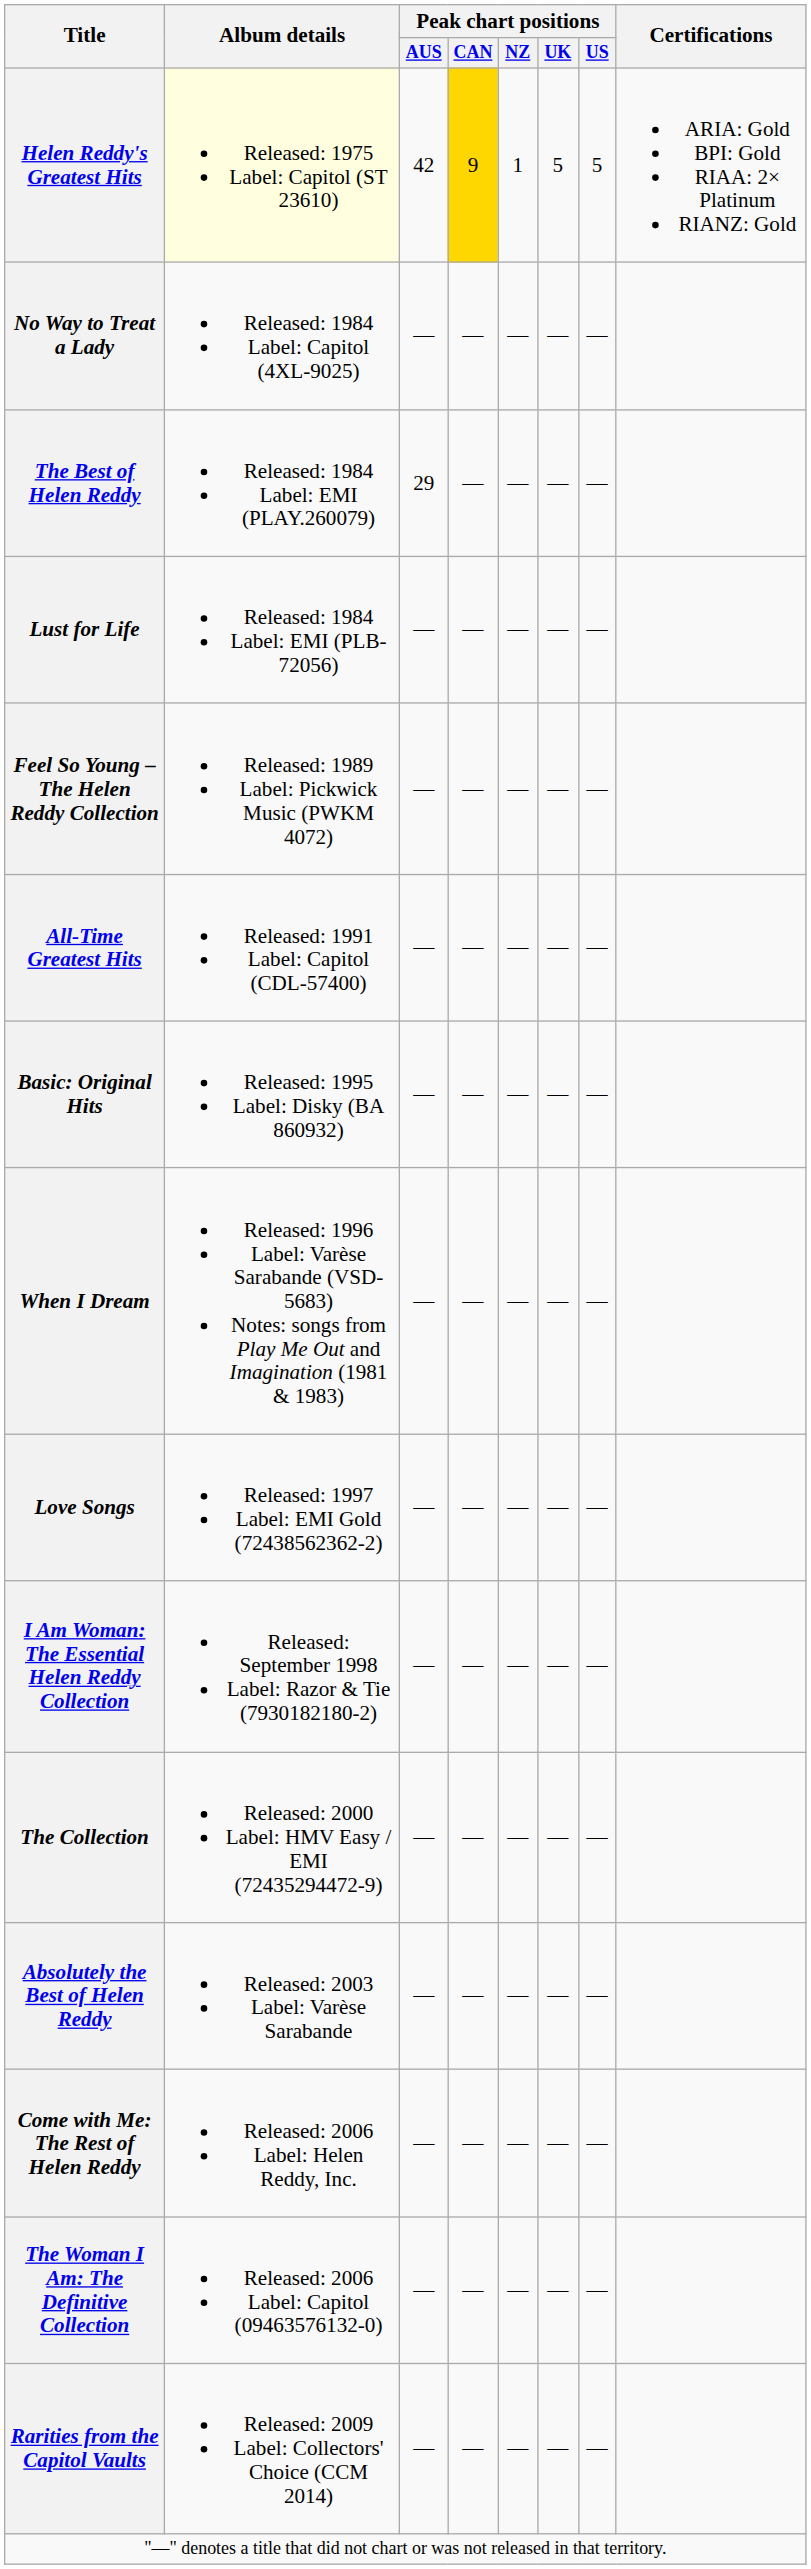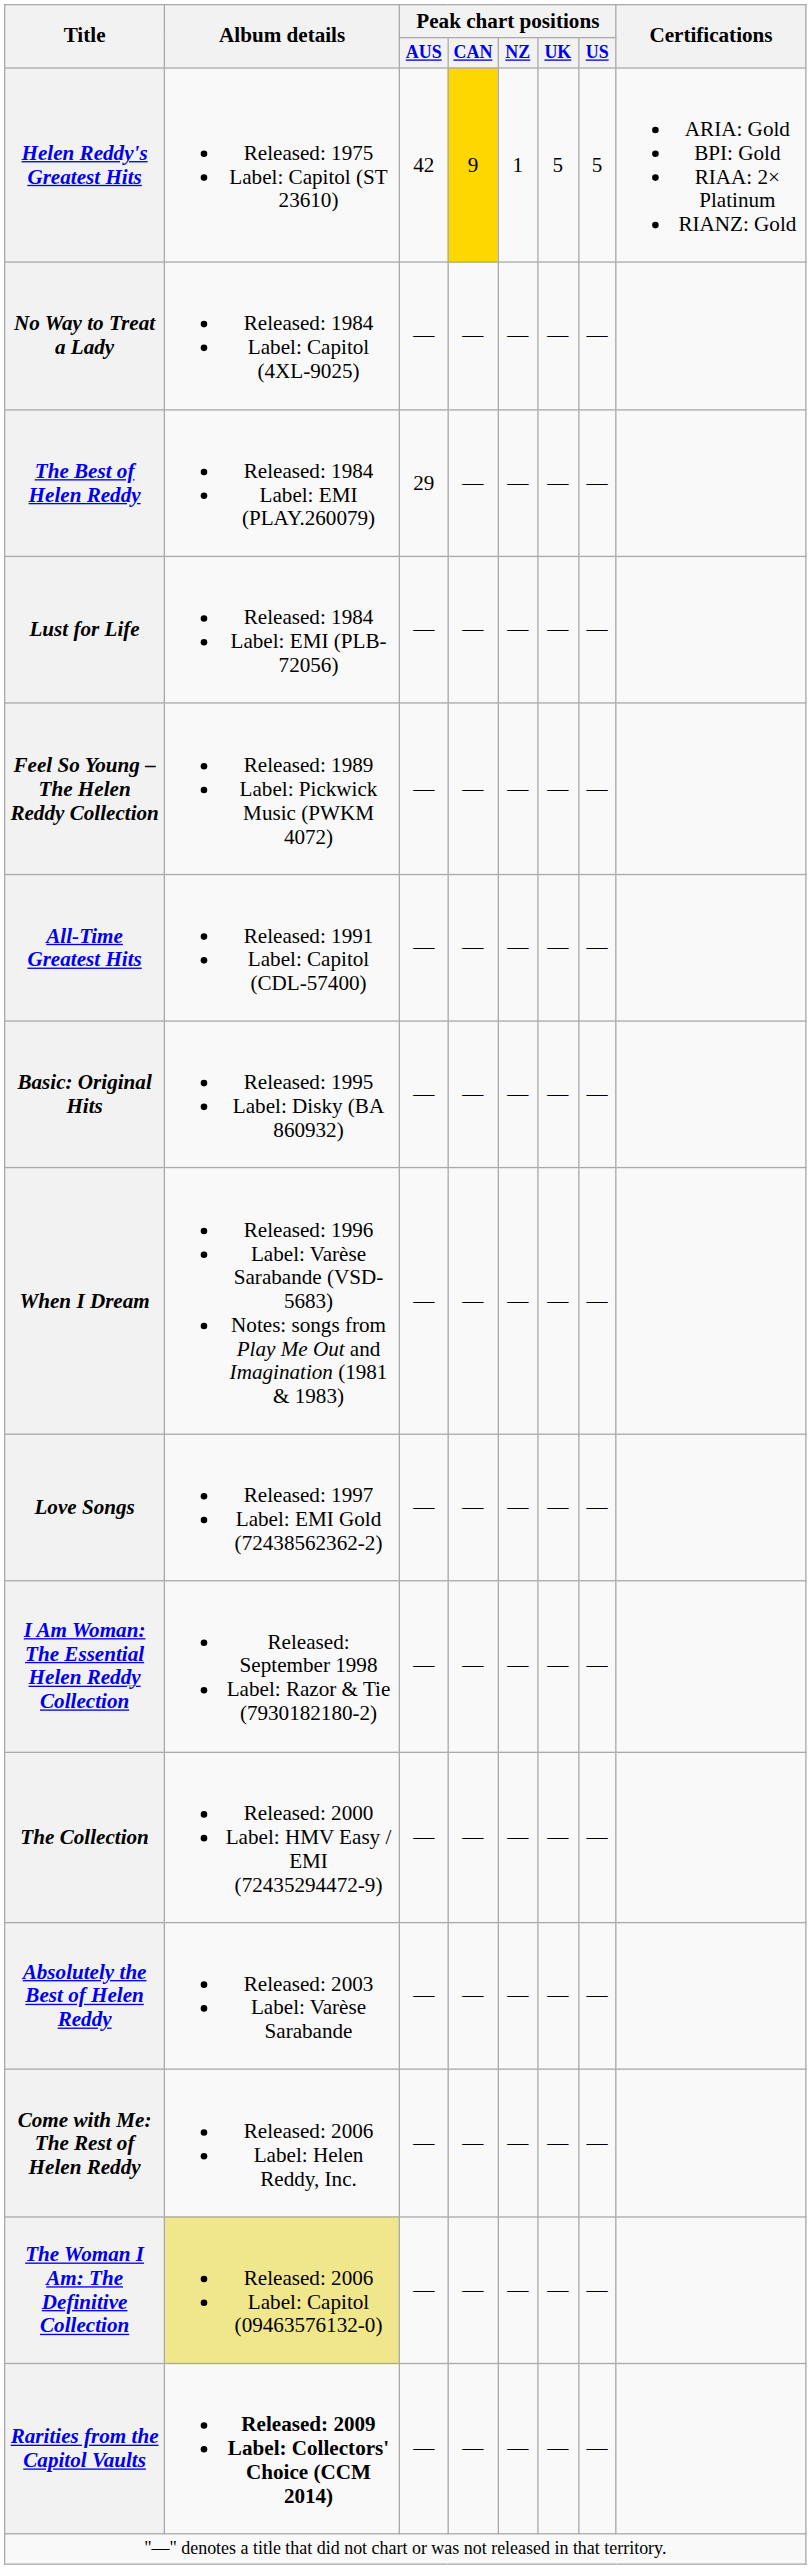 <table class="wikitable plainrowheaders" style="text-align:center;">
 <tr>
 <th style="width:18em;" rowspan="2">Title</th>
 <th style="width:18em;" rowspan="2">Album details</th>
 <th colspan="5">Peak chart positions</th>
 <th style="width:18em;" rowspan="2">Certifications</th>
 </tr>
 <tr>
 <th style="width:3em;font-size:85%"><a href='#'>AUS</a><br></th>
 <th style="width:3em;font-size:85%"><a href='#'>CAN</a><br></th>
 <th style="width:3em;font-size:85%"><a href='#'>NZ</a><br></th>
 <th style="width:3em;font-size:85%"><a href='#'>UK</a><br></th>
 <th style="width:3em;font-size:85%"><a href='#'>US</a><br></th>
 </tr>
 <tr>
 <th scope="row"><em><a href='#'>Helen Reddy's Greatest Hits</a></em></th>
-<td style="background: lightyellow;"><br><ul><li>Released: 1975</li><li>Label: Capitol (ST 23610)</li></ul></td>
+<td><br><ul><li>Released: 1975</li><li>Label: Capitol (ST 23610)</li></ul></td>
 <td style="text-align:center;">42</td>
 <td style="background: gold; text-align:center;">9</td>
 <td style="text-align:center;">1</td>
 <td style="text-align:center;">5</td>
 <td style="text-align:center;">5</td>
 <td><br><ul><li>ARIA: Gold</li><li>BPI: Gold</li><li>RIAA: 2× Platinum</li><li>RIANZ: Gold</li></ul></td>
 </tr>
 <tr>
 <th scope="row"><em>No Way to Treat a Lady</em></th>
 <td><br><ul><li>Released: 1984</li><li>Label: Capitol (4XL-9025)</li></ul></td>
 <td style="text-align:center;">—</td>
 <td style="text-align:center;">—</td>
 <td style="text-align:center;">—</td>
 <td style="text-align:center;">—</td>
 <td style="text-align:center;">—</td>
 <td></td>
 </tr>
 <tr>
 <th scope="row"><em><a href='#'>The Best of Helen Reddy</a></em></th>
 <td><br><ul><li>Released: 1984</li><li>Label: EMI (PLAY.260079)</li></ul></td>
 <td style="text-align:center;">29</td>
 <td style="text-align:center;">—</td>
 <td style="text-align:center;">—</td>
 <td style="text-align:center;">—</td>
 <td style="text-align:center;">—</td>
 <td></td>
 </tr>
 <tr>
 <th scope="row"><em>Lust for Life</em></th>
 <td><br><ul><li>Released: 1984</li><li>Label: EMI (PLB-72056)</li></ul></td>
 <td style="text-align:center;">—</td>
 <td style="text-align:center;">—</td>
 <td style="text-align:center;">—</td>
 <td style="text-align:center;">—</td>
 <td style="text-align:center;">—</td>
 <td></td>
 </tr>
 <tr>
 <th scope="row"><em>Feel So Young – The Helen Reddy Collection</em></th>
 <td><br><ul><li>Released: 1989</li><li>Label: Pickwick Music	(PWKM 4072)</li></ul></td>
 <td style="text-align:center;">—</td>
 <td style="text-align:center;">—</td>
 <td style="text-align:center;">—</td>
 <td style="text-align:center;">—</td>
 <td style="text-align:center;">—</td>
 <td></td>
 </tr>
 <tr>
 <th scope="row"><em><a href='#'>All-Time Greatest Hits</a></em></th>
 <td><br><ul><li>Released: 1991</li><li>Label: Capitol (CDL-57400)</li></ul></td>
 <td style="text-align:center;">—</td>
 <td style="text-align:center;">—</td>
 <td style="text-align:center;">—</td>
 <td style="text-align:center;">—</td>
 <td style="text-align:center;">—</td>
 <td></td>
 </tr>
 <tr>
 <th scope="row"><em>Basic: Original Hits</em></th>
 <td><br><ul><li>Released: 1995</li><li>Label: Disky (BA 860932)</li></ul></td>
 <td style="text-align:center;">—</td>
 <td style="text-align:center;">—</td>
 <td style="text-align:center;">—</td>
 <td style="text-align:center;">—</td>
 <td style="text-align:center;">—</td>
 <td></td>
 </tr>
 <tr>
 <th scope="row"><em>When I Dream</em></th>
 <td><br><ul><li>Released: 1996</li><li>Label: Varèse Sarabande (VSD-5683)</li><li>Notes: songs from <em>Play Me Out</em> and <em>Imagination</em> (1981 & 1983)</li></ul></td>
 <td style="text-align:center;">—</td>
 <td style="text-align:center;">—</td>
 <td style="text-align:center;">—</td>
 <td style="text-align:center;">—</td>
 <td style="text-align:center;">—</td>
 <td></td>
 </tr>
 <tr>
 <th scope="row"><em>Love Songs</em></th>
 <td><br><ul><li>Released: 1997</li><li>Label: EMI Gold (72438562362-2)</li></ul></td>
 <td style="text-align:center;">—</td>
 <td style="text-align:center;">—</td>
 <td style="text-align:center;">—</td>
 <td style="text-align:center;">—</td>
 <td style="text-align:center;">—</td>
 <td></td>
 </tr>
 <tr>
 <th scope="row"><em><a href='#'>I Am Woman: The Essential Helen Reddy Collection</a></em></th>
 <td><br><ul><li>Released: September 1998</li><li>Label: Razor & Tie (7930182180-2)</li></ul></td>
 <td style="text-align:center;">—</td>
 <td style="text-align:center;">—</td>
 <td style="text-align:center;">—</td>
 <td style="text-align:center;">—</td>
 <td style="text-align:center;">—</td>
 <td></td>
 </tr>
 <tr>
 <th scope="row"><em>The Collection</em></th>
 <td><br><ul><li>Released: 2000</li><li>Label: HMV Easy / EMI (72435294472-9)</li></ul></td>
 <td style="text-align:center;">—</td>
 <td style="text-align:center;">—</td>
 <td style="text-align:center;">—</td>
 <td style="text-align:center;">—</td>
 <td style="text-align:center;">—</td>
 <td></td>
 </tr>
 <tr>
 <th scope="row"><em><a href='#'>Absolutely the Best of Helen Reddy</a></em></th>
 <td><br><ul><li>Released: 2003</li><li>Label: Varèse Sarabande</li></ul></td>
 <td style="text-align:center;">—</td>
 <td style="text-align:center;">—</td>
 <td style="text-align:center;">—</td>
 <td style="text-align:center;">—</td>
 <td style="text-align:center;">—</td>
 <td></td>
 </tr>
 <tr>
 <th scope="row"><em>Come with Me: The Rest of Helen Reddy</em></th>
 <td><br><ul><li>Released: 2006</li><li>Label: Helen Reddy, Inc.</li></ul></td>
 <td style="text-align:center;">—</td>
 <td style="text-align:center;">—</td>
 <td style="text-align:center;">—</td>
 <td style="text-align:center;">—</td>
 <td style="text-align:center;">—</td>
 <td></td>
 </tr>
 <tr>
 <th scope="row"><em><a href='#'>The Woman I Am: The Definitive Collection</a></em></th>
-<td><br><ul><li>Released: 2006</li><li>Label: Capitol (09463576132-0)</li></ul></td>
+<td style="background: khaki;"><br><ul><li>Released: 2006</li><li>Label: Capitol (09463576132-0)</li></ul></td>
 <td style="text-align:center;">—</td>
 <td style="text-align:center;">—</td>
 <td style="text-align:center;">—</td>
 <td style="text-align:center;">—</td>
 <td style="text-align:center;">—</td>
 <td></td>
 </tr>
 <tr>
 <th scope="row"><em><a href='#'>Rarities from the Capitol Vaults</a></em></th>
-<td><br><ul><li>Released: 2009</li><li>Label: Collectors' Choice (CCM 2014)</li></ul></td>
+<td><strong><br><ul><li>Released: 2009</li><li>Label: Collectors' Choice (CCM 2014)</li></ul></strong></td>
 <td style="text-align:center;">—</td>
 <td style="text-align:center;">—</td>
 <td style="text-align:center;">—</td>
 <td style="text-align:center;">—</td>
 <td style="text-align:center;">—</td>
 <td></td>
 </tr>
 <tr>
 <td colspan="19" style="text-align:center; font-size:85%">"—" denotes a title that did not chart or was not released in that territory.</td>
 </tr>
 </table>
